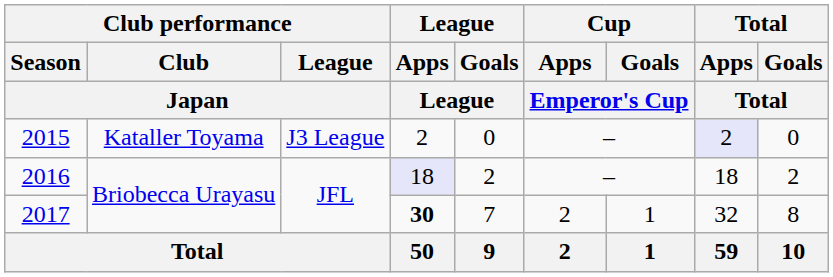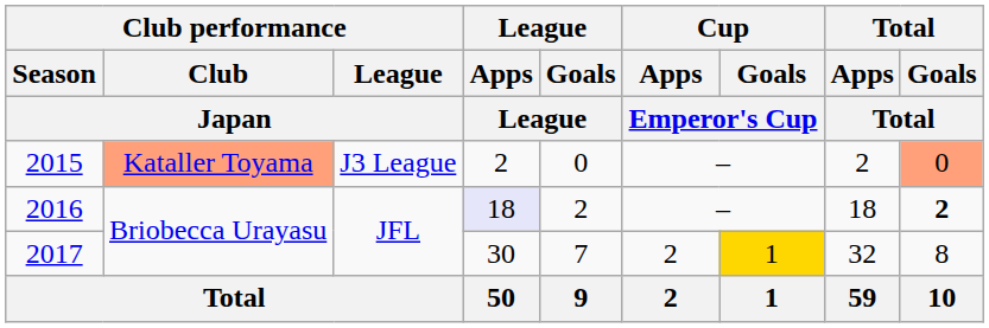 <table class="wikitable" style="text-align:center;">
 <tr>
 <th colspan=3>Club performance</th>
 <th colspan=2>League</th>
 <th colspan=2>Cup</th>
 <th colspan=2>Total</th>
 </tr>
 <tr>
 <th>Season</th>
 <th>Club</th>
 <th>League</th>
 <th>Apps</th>
 <th>Goals</th>
 <th>Apps</th>
 <th>Goals</th>
 <th>Apps</th>
 <th>Goals</th>
 </tr>
 <tr>
 <th colspan=3>Japan</th>
 <th colspan=2>League</th>
 <th colspan=2><a href='#'>Emperor's Cup</a></th>
 <th colspan=2>Total</th>
 </tr>
 <tr>
 <td><a href='#'>2015</a></td>
-<td><a href='#'>Kataller Toyama</a></td>
+<td style="background: lightsalmon;"><a href='#'>Kataller Toyama</a></td>
 <td><a href='#'>J3 League</a></td>
 <td>2</td>
 <td>0</td>
 <td colspan="2">–</td>
-<td style="background: lavender;">2</td>
-<td>0</td>
+<td>2</td>
+<td style="background: lightsalmon;">0</td>
 </tr>
 <tr>
 <td><a href='#'>2016</a></td>
 <td rowspan="2"><a href='#'>Briobecca Urayasu</a></td>
 <td rowspan="2"><a href='#'>JFL</a></td>
 <td style="background: lavender;">18</td>
 <td>2</td>
 <td colspan="2">–</td>
 <td>18</td>
-<td>2</td>
+<td><strong>2</strong></td>
 </tr>
 <tr>
 <td><a href='#'>2017</a></td>
-<td><strong>30</strong></td>
+<td>30</td>
 <td>7</td>
 <td>2</td>
-<td>1</td>
+<td style="background: gold;">1</td>
 <td>32</td>
 <td>8</td>
 </tr>
 <tr>
 <th colspan=3>Total</th>
 <th>50</th>
 <th>9</th>
 <th>2</th>
 <th>1</th>
 <th>59</th>
 <th>10</th>
 </tr>
 </table>
